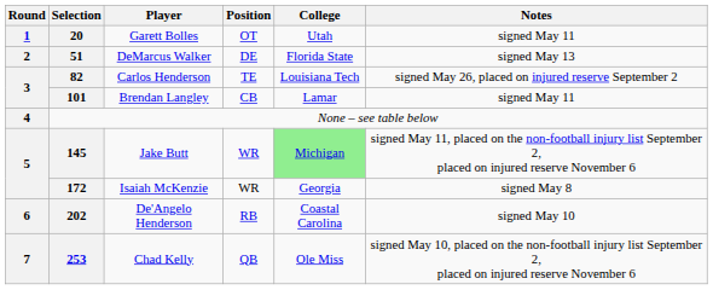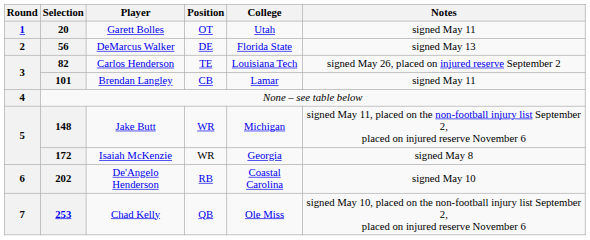 <table class="wikitable" style="text-align:center">
 <tr>
 <th>Round</th>
 <th>Selection</th>
 <th>Player</th>
 <th>Position</th>
 <th>College</th>
 <th>Notes</th>
 </tr>
 <tr>
 <th><a href='#'>1</a></th>
 <th>20</th>
 <td><a href='#'>Garett Bolles</a></td>
 <td><a href='#'>OT</a></td>
 <td><a href='#'>Utah</a></td>
 <td>signed May 11</td>
 </tr>
 <tr>
 <th>2</th>
-<th>51</th>
+<th>56</th>
 <td><a href='#'>DeMarcus Walker</a></td>
 <td><a href='#'>DE</a></td>
 <td><a href='#'>Florida State</a></td>
 <td>signed May 13</td>
 </tr>
 <tr>
 <th rowspan=2>3</th>
 <th>82</th>
 <td><a href='#'>Carlos Henderson</a></td>
 <td><a href='#'>TE</a></td>
 <td><a href='#'>Louisiana Tech</a></td>
 <td>signed May 26, placed on <a href='#'>injured reserve</a> September 2</td>
 </tr>
 <tr>
 <th>101</th>
 <td><a href='#'>Brendan Langley</a></td>
 <td><a href='#'>CB</a></td>
 <td><a href='#'>Lamar</a></td>
 <td>signed May 11</td>
 </tr>
 <tr>
 <th>4</th>
 <td colspan=5 align=center><em>None – see table below</em></td>
 </tr>
 <tr>
 <th rowspan=2>5</th>
-<th>145</th>
+<th>148</th>
 <td><a href='#'>Jake Butt</a></td>
 <td><a href='#'>WR</a></td>
-<td style="background: lightgreen;"><a href='#'>Michigan</a></td>
+<td><a href='#'>Michigan</a></td>
 <td>signed May 11, placed on the <a href='#'>non-football injury list</a> September 2,<br>placed on injured reserve November 6</td>
 </tr>
 <tr>
 <th>172</th>
 <td><a href='#'>Isaiah McKenzie</a></td>
 <td>WR</td>
 <td><a href='#'>Georgia</a></td>
 <td>signed May 8</td>
 </tr>
 <tr>
 <th>6</th>
 <th>202</th>
 <td><a href='#'>De'Angelo Henderson</a></td>
 <td><a href='#'>RB</a></td>
 <td><a href='#'>Coastal Carolina</a></td>
 <td>signed May 10</td>
 </tr>
 <tr>
 <th>7</th>
 <th><a href='#'>253</a></th>
 <td><a href='#'>Chad Kelly</a></td>
 <td><a href='#'>QB</a></td>
 <td><a href='#'>Ole Miss</a></td>
 <td>signed May 10, placed on the non-football injury list September 2,<br>placed on injured reserve November 6</td>
 </tr>
 </table>
